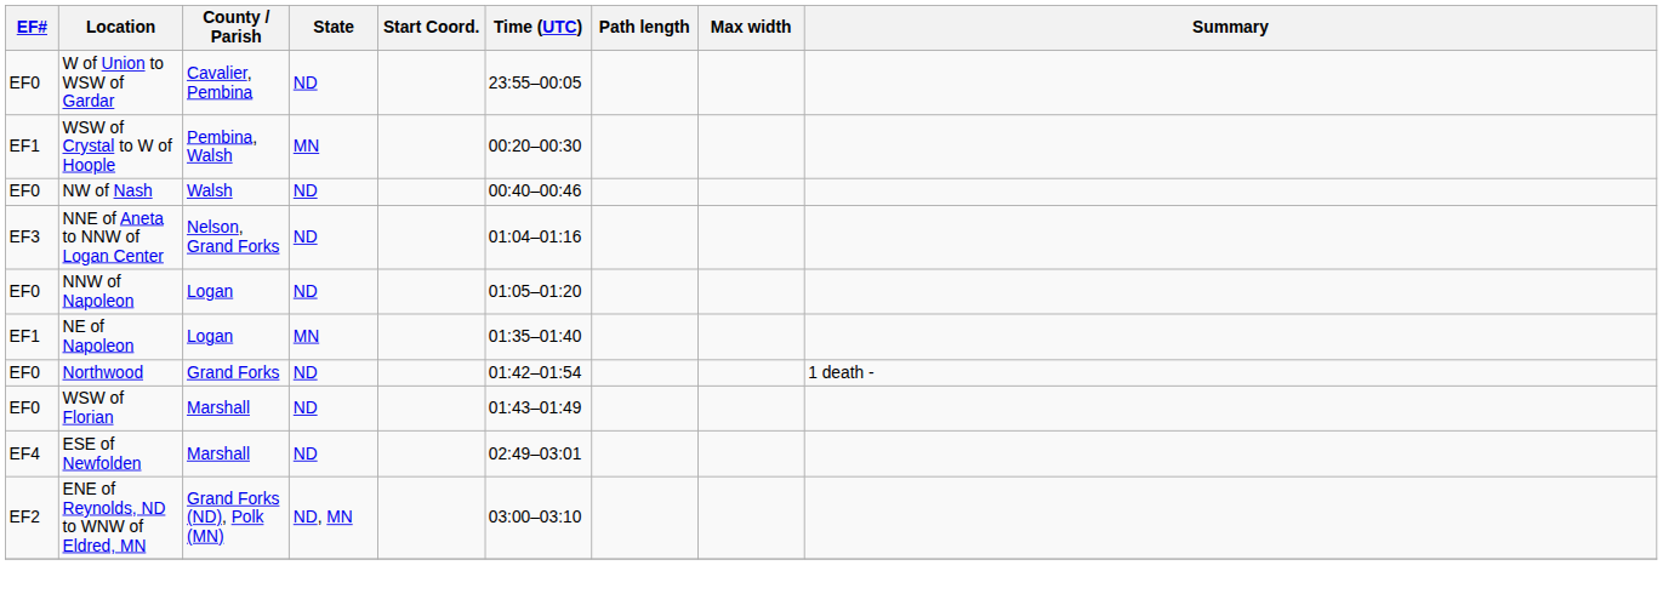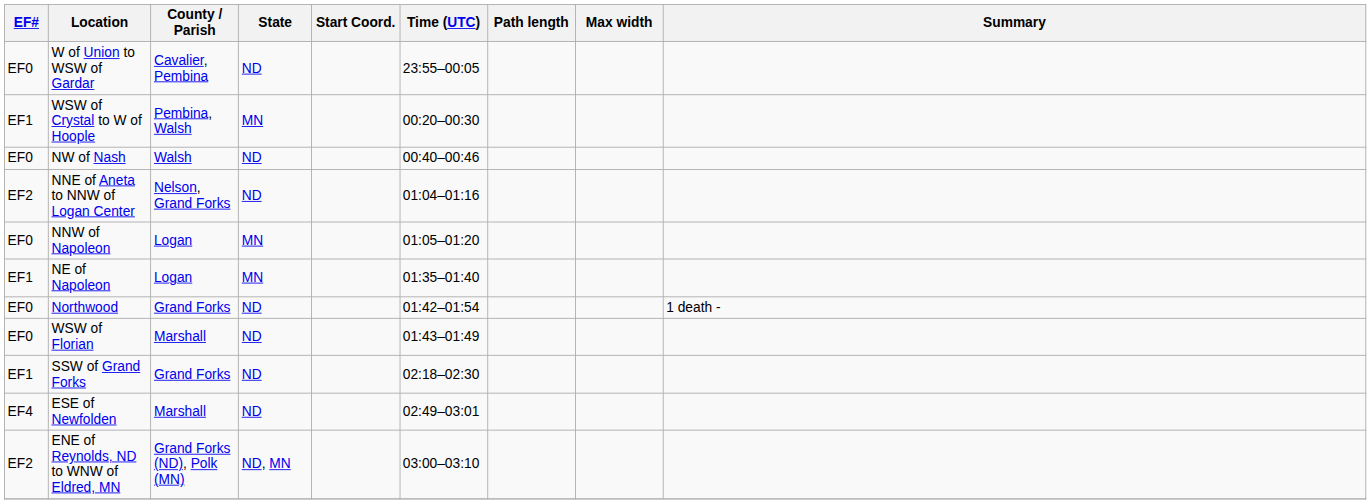 <table class="wikitable sortable" style="width:100%;">
 <tr>
 <th scope="col"  style="width:3%; text-align:center;"><a href='#'>EF#</a></th>
 <th scope="col"  style="width:7%; text-align:center;" class="unsortable">Location</th>
 <th scope="col"  style="width:6%; text-align:center;" class="unsortable">County / Parish</th>
 <th scope="col"  style="width:5%; text-align:center;">State</th>
 <th scope="col"  style="width:6%; text-align:center;">Start Coord.</th>
 <th scope="col"  style="width:6%; text-align:center;">Time (<a href='#'>UTC</a>)</th>
 <th scope="col"  style="width:6%; text-align:center;">Path length</th>
 <th scope="col"  style="width:6%; text-align:center;">Max width</th>
 <th scope="col" class="unsortable" style="width:48%; text-align:center;">Summary</th>
 </tr>
 <tr>
 <td>EF0</td>
 <td>W of <a href='#'>Union</a> to WSW of <a href='#'>Gardar</a></td>
 <td><a href='#'>Cavalier</a>, <a href='#'>Pembina</a></td>
 <td><a href='#'>ND</a></td>
 <td></td>
 <td>23:55–00:05</td>
 <td></td>
 <td></td>
 <td></td>
 </tr>
 <tr>
 <td>EF1</td>
 <td>WSW of <a href='#'>Crystal</a> to W of <a href='#'>Hoople</a></td>
 <td><a href='#'>Pembina</a>, <a href='#'>Walsh</a></td>
 <td><a href='#'>MN</a></td>
 <td></td>
 <td>00:20–00:30</td>
 <td></td>
 <td></td>
 <td></td>
 </tr>
 <tr>
 <td>EF0</td>
 <td>NW of <a href='#'>Nash</a></td>
 <td><a href='#'>Walsh</a></td>
 <td><a href='#'>ND</a></td>
 <td></td>
 <td>00:40–00:46</td>
 <td></td>
 <td></td>
 <td></td>
 </tr>
 <tr>
-<td>EF3</td>
+<td>EF2</td>
 <td>NNE of <a href='#'>Aneta</a> to NNW of <a href='#'>Logan Center</a></td>
 <td><a href='#'>Nelson</a>, <a href='#'>Grand Forks</a></td>
 <td><a href='#'>ND</a></td>
 <td></td>
 <td>01:04–01:16</td>
 <td></td>
 <td></td>
 <td></td>
 </tr>
 <tr>
 <td>EF0</td>
 <td>NNW of <a href='#'>Napoleon</a></td>
 <td><a href='#'>Logan</a></td>
-<td><a href='#'>ND</a></td>
+<td><a href='#'>MN</a></td>
 <td></td>
 <td>01:05–01:20</td>
 <td></td>
 <td></td>
 <td></td>
 </tr>
 <tr>
 <td>EF1</td>
 <td>NE of <a href='#'>Napoleon</a></td>
 <td><a href='#'>Logan</a></td>
 <td><a href='#'>MN</a></td>
 <td></td>
 <td>01:35–01:40</td>
 <td></td>
 <td></td>
 <td></td>
 </tr>
 <tr>
 <td>EF0</td>
 <td><a href='#'>Northwood</a></td>
 <td><a href='#'>Grand Forks</a></td>
 <td><a href='#'>ND</a></td>
 <td></td>
 <td>01:42–01:54</td>
 <td></td>
 <td></td>
 <td>1 death - </td>
 </tr>
 <tr>
 <td>EF0</td>
 <td>WSW of <a href='#'>Florian</a></td>
 <td><a href='#'>Marshall</a></td>
 <td><a href='#'>ND</a></td>
 <td></td>
 <td>01:43–01:49</td>
 <td></td>
 <td></td>
 <td></td>
 </tr>
 <tr>
+<td>EF1</td>
+<td>SSW of <a href='#'>Grand Forks</a></td>
+<td><a href='#'>Grand Forks</a></td>
+<td><a href='#'>ND</a></td>
+<td></td>
+<td>02:18–02:30</td>
+<td></td>
+<td></td>
+<td></td>
+</tr>
+<tr>
 <td>EF4</td>
 <td>ESE of <a href='#'>Newfolden</a></td>
 <td><a href='#'>Marshall</a></td>
 <td><a href='#'>ND</a></td>
 <td></td>
 <td>02:49–03:01</td>
 <td></td>
 <td></td>
 <td></td>
 </tr>
 <tr>
 <td>EF2</td>
 <td>ENE of <a href='#'>Reynolds, ND</a> to WNW of <a href='#'>Eldred, MN</a></td>
 <td><a href='#'>Grand Forks (ND)</a>, <a href='#'>Polk (MN)</a></td>
 <td><a href='#'>ND</a>, <a href='#'>MN</a></td>
 <td></td>
 <td>03:00–03:10</td>
 <td></td>
 <td></td>
 <td></td>
 </tr>
 <tr>
 </tr>
 </table>
